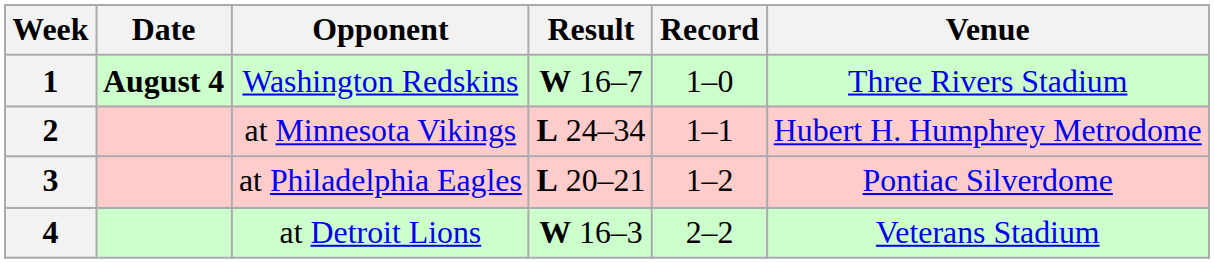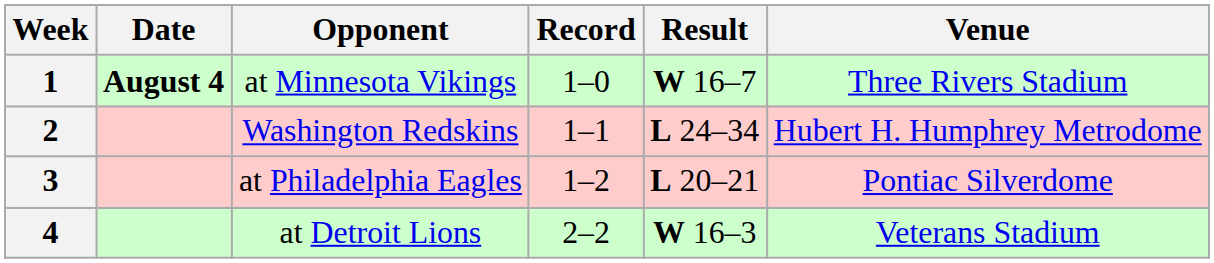 <table class="wikitable" style="text-align:center">
 <tr>
 <th>Week</th>
 <th>Date</th>
 <th>Opponent</th>
+<th>Record</th>
 <th>Result</th>
-<th>Record</th>
 <th>Venue</th>
 </tr>
 <tr style="background:#cfc">
 <th>1</th>
 <td><strong>August 4</strong></td>
-<td><a href='#'>Washington Redskins</a></td>
+<td>at <a href='#'>Minnesota Vikings</a></td>
+<td>1–0</td>
 <td><strong>W</strong> 16–7</td>
-<td>1–0</td>
 <td><a href='#'>Three Rivers Stadium</a></td>
 </tr>
 <tr style="background:#fcc">
 <th>2</th>
 <td></td>
-<td>at <a href='#'>Minnesota Vikings</a></td>
+<td><a href='#'>Washington Redskins</a></td>
+<td>1–1</td>
 <td><strong>L</strong> 24–34</td>
-<td>1–1</td>
 <td><a href='#'>Hubert H. Humphrey Metrodome</a></td>
 </tr>
 <tr style="background:#fcc">
 <th>3</th>
 <td></td>
 <td>at <a href='#'>Philadelphia Eagles</a></td>
+<td>1–2</td>
 <td><strong>L</strong> 20–21</td>
-<td>1–2</td>
 <td><a href='#'>Pontiac Silverdome</a></td>
 </tr>
 <tr style="background:#cfc">
 <th>4</th>
 <td></td>
 <td>at <a href='#'>Detroit Lions</a></td>
+<td>2–2</td>
 <td><strong>W</strong> 16–3</td>
-<td>2–2</td>
 <td><a href='#'>Veterans Stadium</a></td>
 </tr>
 </table>
